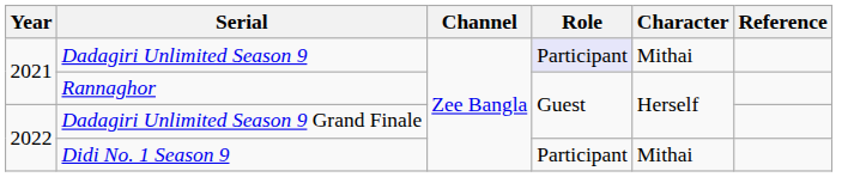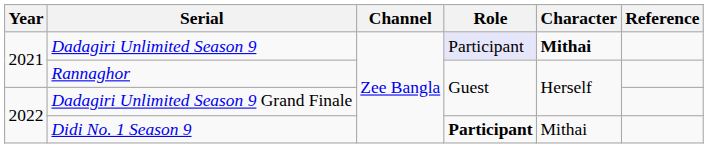 <table class="wikitable sortable">
 <tr>
 <th>Year</th>
 <th>Serial</th>
 <th>Channel</th>
 <th>Role</th>
 <th>Character</th>
 <th>Reference</th>
 </tr>
 <tr>
 <td rowspan=2>2021</td>
 <td><a href='#'><em>Dadagiri Unlimited Season 9</em></a></td>
 <td rowspan=4><a href='#'>Zee Bangla</a></td>
 <td style="background: lavender;">Participant</td>
-<td>Mithai</td>
+<td><strong>Mithai</strong></td>
 <td></td>
 </tr>
 <tr>
 <td><em><a href='#'>Rannaghor</a></em></td>
 <td rowspan=2>Guest</td>
 <td rowspan=2>Herself</td>
 <td></td>
 </tr>
 <tr>
 <td Rowspan=2>2022</td>
 <td><a href='#'><em>Dadagiri Unlimited Season 9</em></a> Grand Finale</td>
 <td></td>
 </tr>
 <tr>
 <td><a href='#'><em>Didi No. 1 Season 9</em></a></td>
-<td>Participant</td>
+<td><strong>Participant</strong></td>
 <td>Mithai</td>
 <td></td>
 </tr>
 </table>
